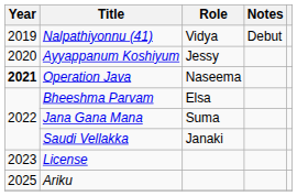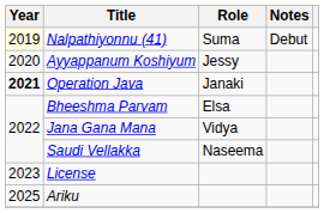 <table class="wikitable sortable">
 <tr>
 <th>Year</th>
 <th>Title</th>
 <th>Role</th>
 <th class="unsortable">Notes</th>
 <th class="unsortable"></th>
 </tr>
 <tr>
-<td>2019</td>
+<td style="background: lightyellow;">2019</td>
 <td><em><a href='#'>Nalpathiyonnu (41)</a></em></td>
-<td>Vidya</td>
+<td>Suma</td>
 <td>Debut</td>
 <td></td>
 </tr>
 <tr>
 <td>2020</td>
 <td><em><a href='#'>Ayyappanum Koshiyum</a></em></td>
 <td>Jessy</td>
 <td></td>
 <td></td>
 </tr>
 <tr>
 <td><strong>2021</strong></td>
 <td><em><a href='#'>Operation Java</a></em></td>
-<td>Naseema</td>
+<td>Janaki</td>
 <td></td>
 <td></td>
 </tr>
 <tr>
 <td rowspan=3>2022</td>
 <td><em><a href='#'>Bheeshma Parvam</a></em></td>
 <td>Elsa</td>
 <td></td>
 <td></td>
 </tr>
 <tr>
 <td><em><a href='#'>Jana Gana Mana</a></em></td>
-<td>Suma</td>
+<td>Vidya</td>
 <td></td>
 <td></td>
 </tr>
 <tr>
 <td><em><a href='#'>Saudi Vellakka</a></em></td>
-<td>Janaki</td>
+<td>Naseema</td>
 <td></td>
 <td></td>
 </tr>
 <tr>
 <td>2023</td>
 <td><em><a href='#'>License</a></em></td>
 <td></td>
 <td></td>
 <td></td>
 </tr>
 <tr>
 <td>2025</td>
 <td><em>Ariku</em></td>
 <td></td>
 <td></td>
 <td></td>
 </tr>
 <tr>
 </tr>
 </table>
